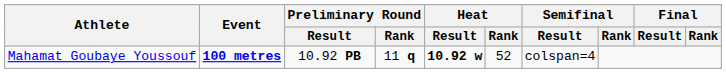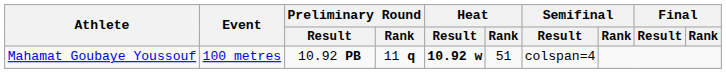 <table class="wikitable" style="font-size:90%">
 <tr>
 <th rowspan="2">Athlete</th>
 <th rowspan="2">Event</th>
 <th colspan="2">Preliminary Round</th>
 <th colspan="2">Heat</th>
 <th colspan="2">Semifinal</th>
 <th colspan="2">Final</th>
 </tr>
 <tr style="font-size:95%">
 <th>Result</th>
 <th>Rank</th>
 <th>Result</th>
 <th>Rank</th>
 <th>Result</th>
 <th>Rank</th>
 <th>Result</th>
 <th>Rank</th>
 </tr>
 <tr style=text-align:center>
 <td style=text-align:left><a href='#'>Mahamat Goubaye Youssouf</a></td>
-<td style=text-align:left><strong><a href='#'>100 metres</a></strong></td>
+<td style=text-align:left><a href='#'>100 metres</a></td>
 <td>10.92 <strong>PB</strong></td>
 <td>11 <strong>q</strong></td>
 <td><strong>10.92 w</strong></td>
-<td>52</td>
+<td>51</td>
 <td>colspan=4 </td>
 </tr>
 </table>
